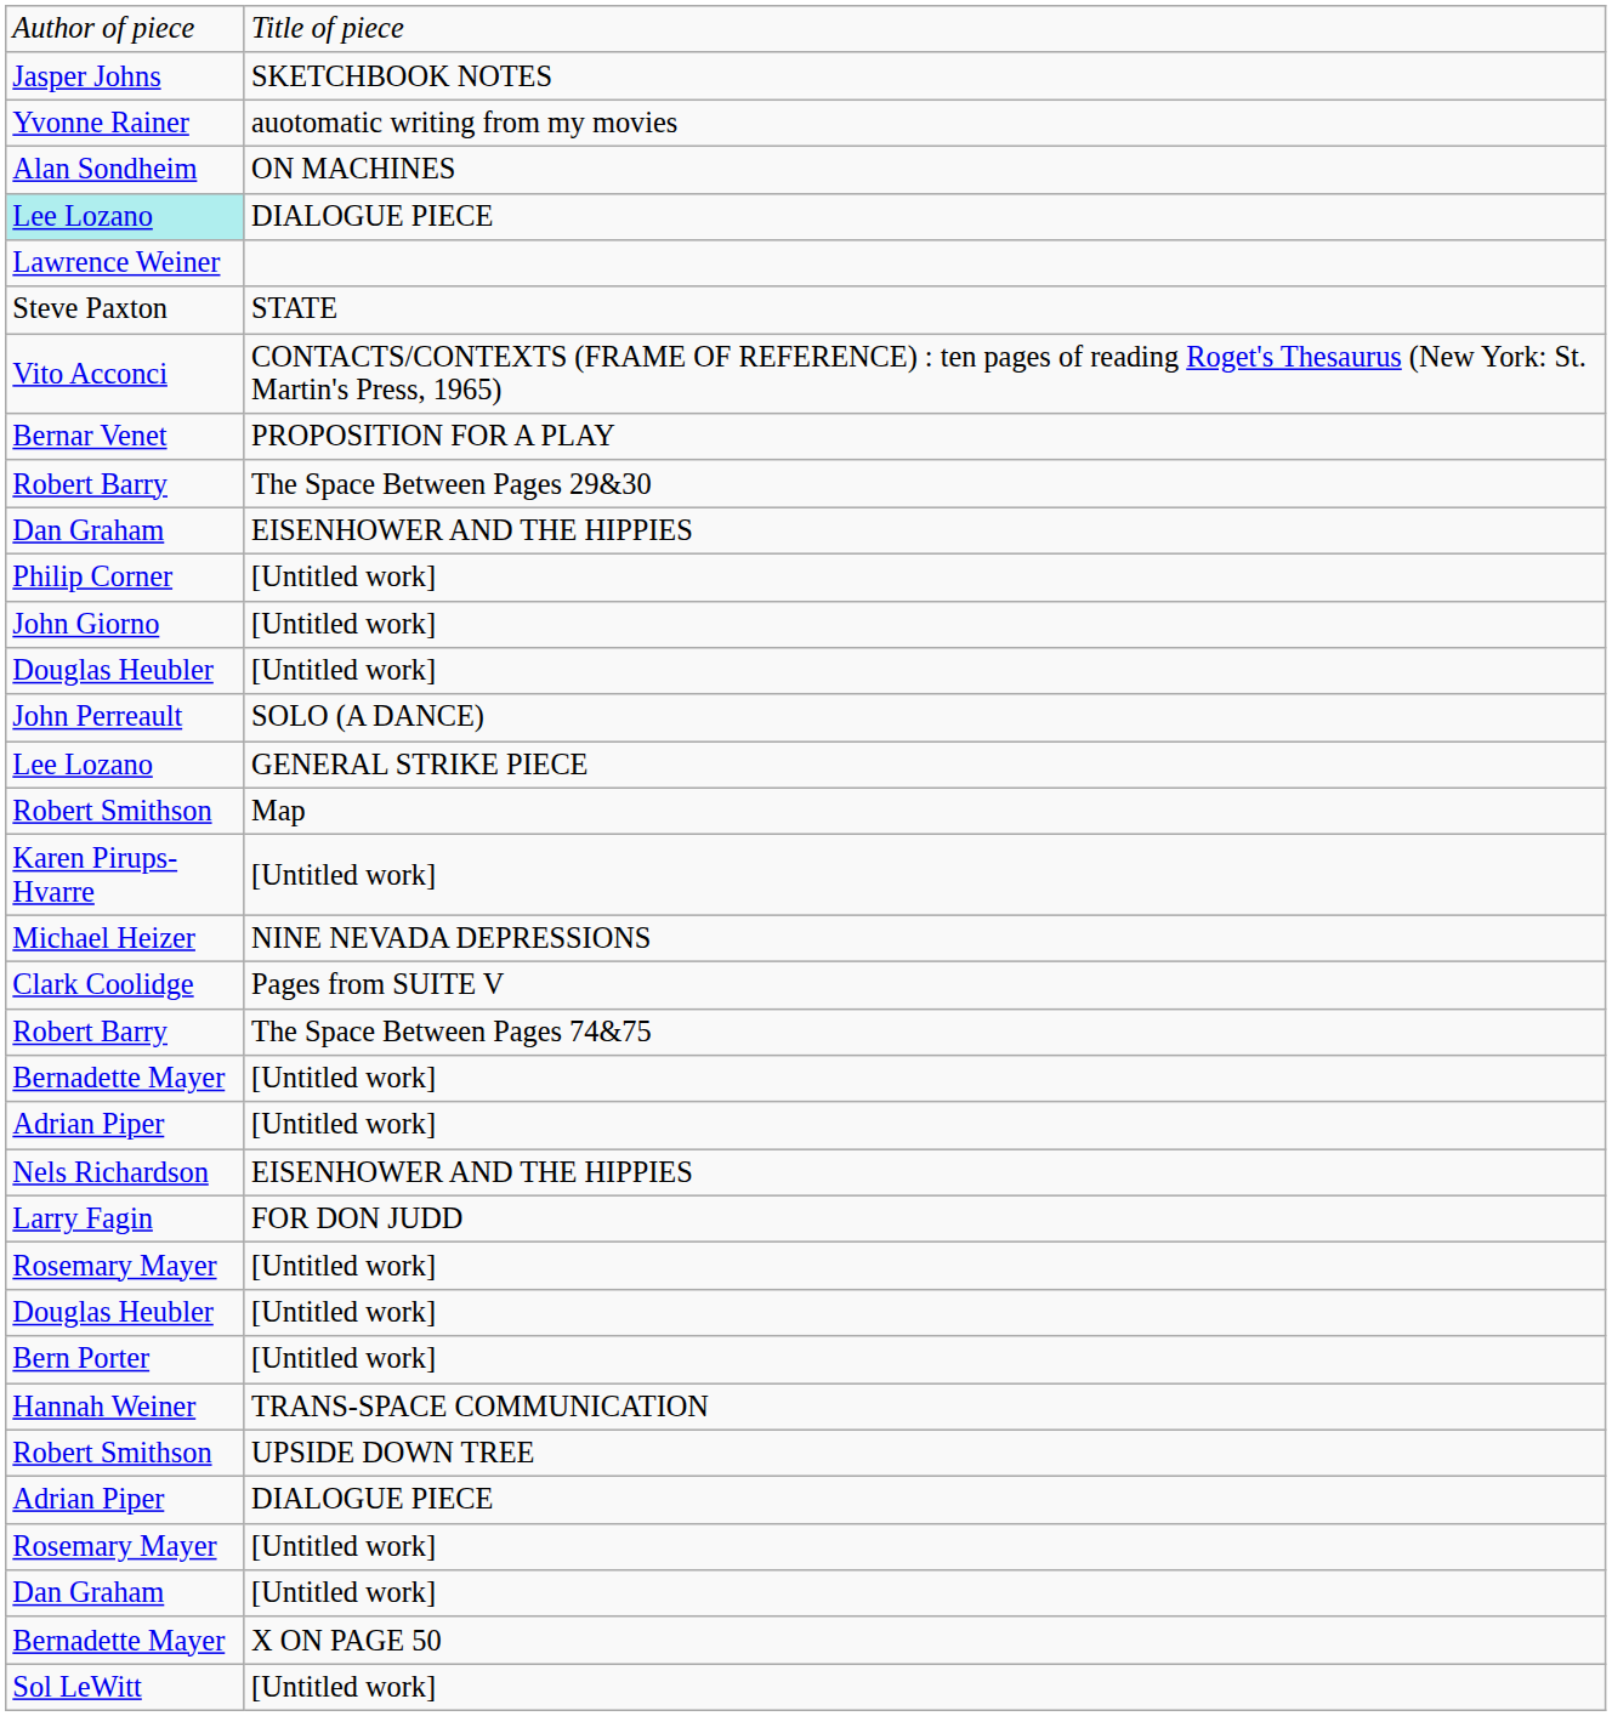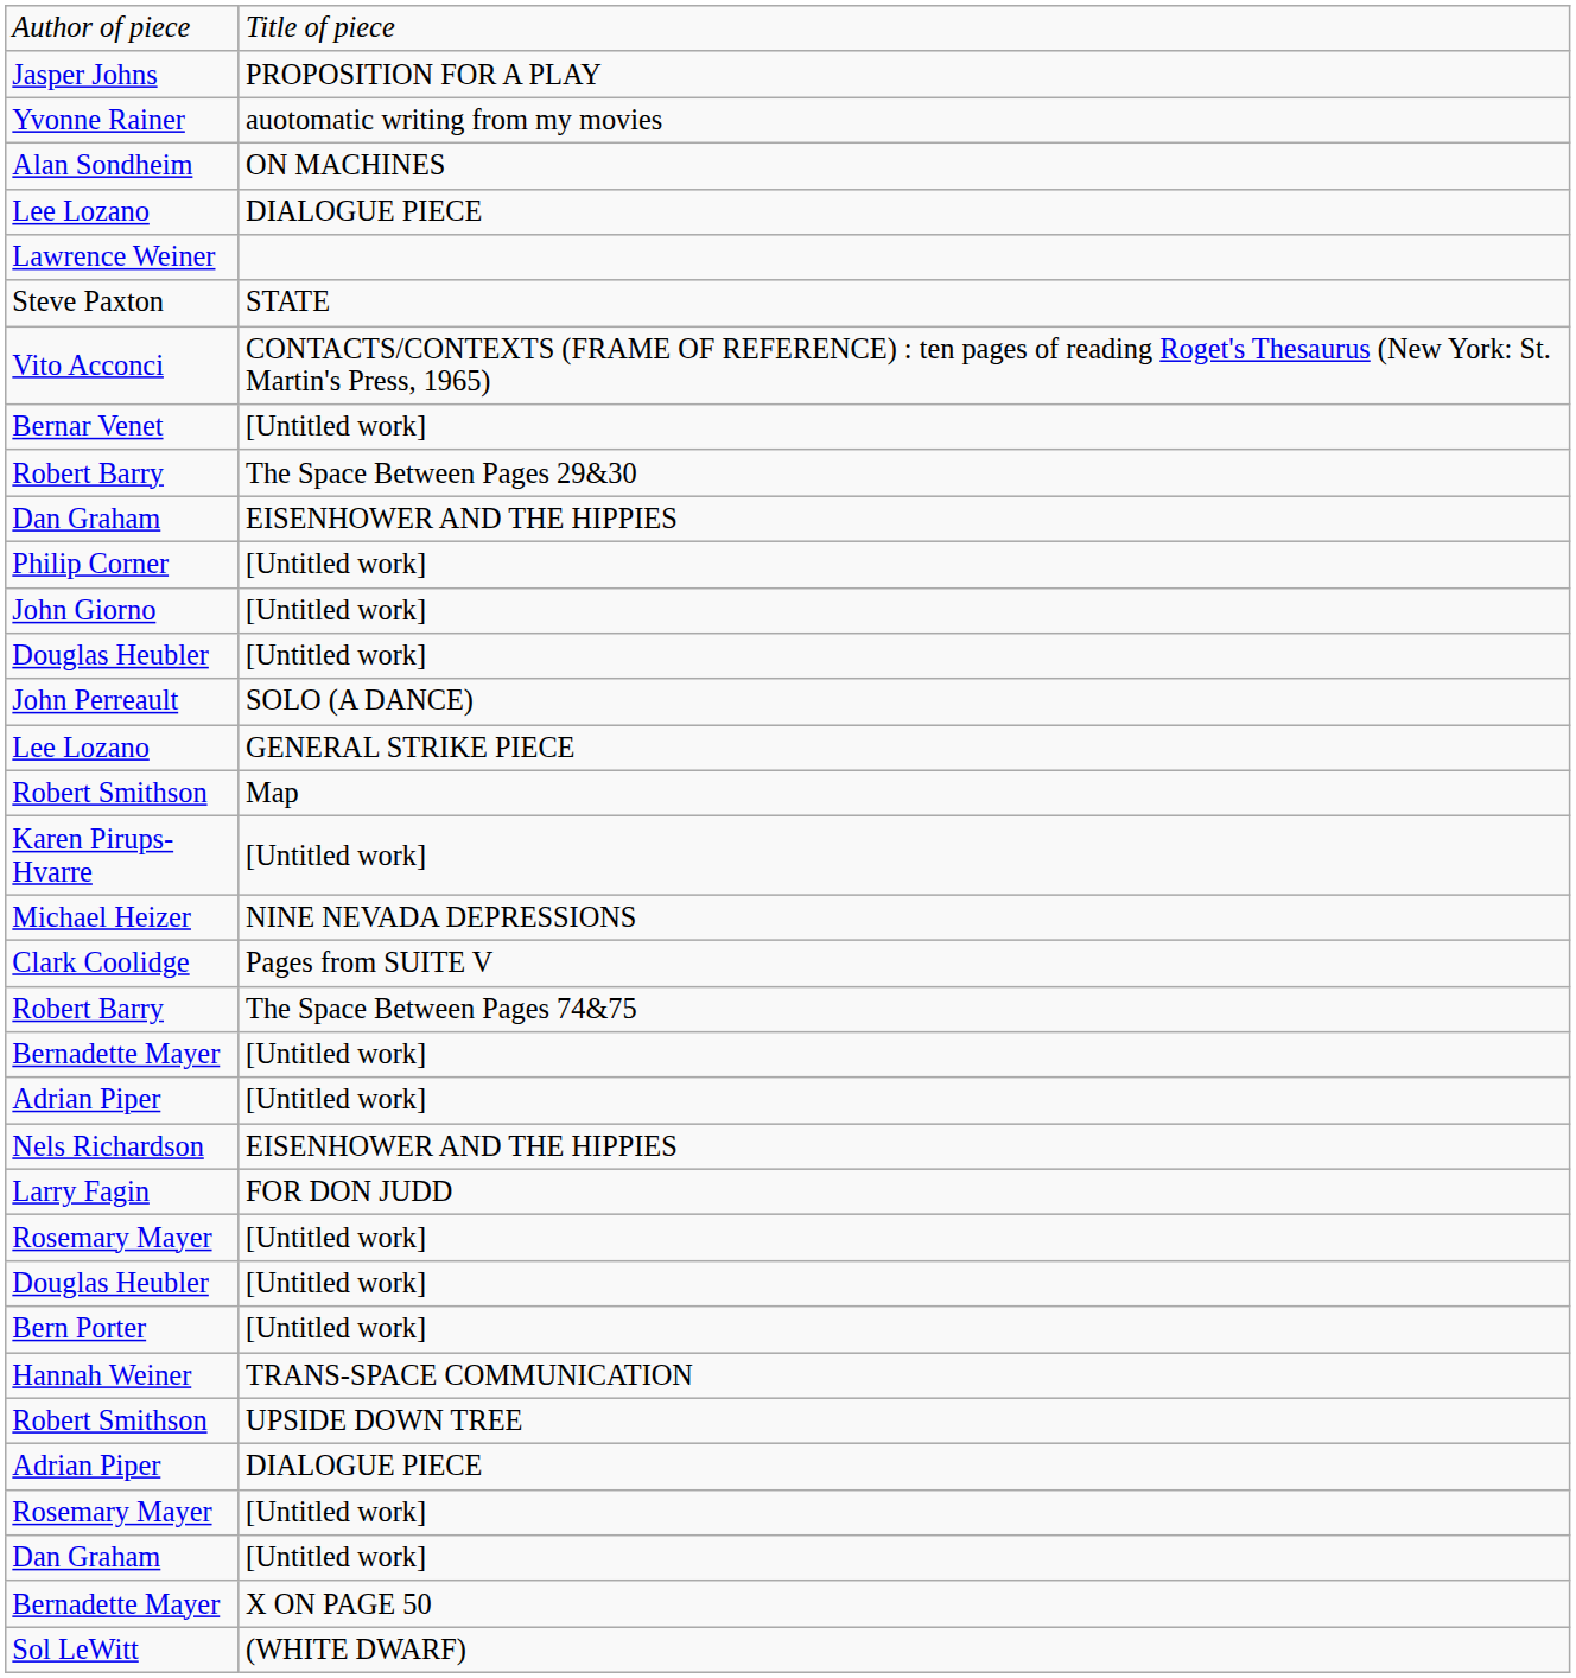 <table class="wikitable">
 <tr>
 <td><em>Author of piece</em></td>
 <td><em>Title of piece</em></td>
 </tr>
 <tr>
 <td><a href='#'>Jasper Johns</a></td>
-<td>SKETCHBOOK NOTES</td>
+<td>PROPOSITION FOR A PLAY</td>
 </tr>
 <tr>
 <td><a href='#'>Yvonne Rainer</a></td>
 <td>auotomatic writing from my movies</td>
 </tr>
 <tr>
 <td><a href='#'>Alan Sondheim</a></td>
 <td>ON MACHINES</td>
 </tr>
 <tr>
-<td style="background: paleturquoise;"><a href='#'>Lee Lozano</a></td>
+<td><a href='#'>Lee Lozano</a></td>
 <td>DIALOGUE PIECE</td>
 </tr>
 <tr>
 <td><a href='#'>Lawrence Weiner</a></td>
 <td></td>
 </tr>
 <tr>
 <td>Steve Paxton</td>
 <td>STATE</td>
 </tr>
 <tr>
 <td><a href='#'>Vito Acconci</a></td>
 <td>CONTACTS/CONTEXTS (FRAME OF REFERENCE) : ten pages of reading <a href='#'>Roget's Thesaurus</a> (New York: St. Martin's Press, 1965)</td>
 </tr>
 <tr>
 <td><a href='#'>Bernar Venet</a></td>
-<td>PROPOSITION FOR A PLAY</td>
+<td>[Untitled work]</td>
 </tr>
 <tr>
 <td><a href='#'>Robert Barry</a></td>
 <td>The Space Between Pages 29&30</td>
 </tr>
 <tr>
 <td><a href='#'>Dan Graham</a></td>
 <td>EISENHOWER AND THE HIPPIES</td>
 </tr>
 <tr>
 <td><a href='#'>Philip Corner</a></td>
 <td>[Untitled work]</td>
 </tr>
 <tr>
 <td><a href='#'>John Giorno</a></td>
 <td>[Untitled work]</td>
 </tr>
 <tr>
 <td><a href='#'>Douglas Heubler</a></td>
 <td>[Untitled work]</td>
 </tr>
 <tr>
 <td><a href='#'>John Perreault</a></td>
 <td>SOLO (A DANCE)</td>
 </tr>
 <tr>
 <td><a href='#'>Lee Lozano</a></td>
 <td>GENERAL STRIKE PIECE</td>
 </tr>
 <tr>
 <td><a href='#'>Robert Smithson</a></td>
 <td>Map</td>
 </tr>
 <tr>
 <td><a href='#'>Karen Pirups-Hvarre</a></td>
 <td>[Untitled work]</td>
 </tr>
 <tr>
 <td><a href='#'>Michael Heizer</a></td>
 <td>NINE NEVADA DEPRESSIONS</td>
 </tr>
 <tr>
 <td><a href='#'>Clark Coolidge</a></td>
 <td>Pages from SUITE V</td>
 </tr>
 <tr>
 <td><a href='#'>Robert Barry</a></td>
 <td>The Space Between Pages 74&75</td>
 </tr>
 <tr>
 <td><a href='#'>Bernadette Mayer</a></td>
 <td>[Untitled work]</td>
 </tr>
 <tr>
 <td><a href='#'>Adrian Piper</a></td>
 <td>[Untitled work]</td>
 </tr>
 <tr>
 <td><a href='#'>Nels Richardson</a></td>
 <td>EISENHOWER AND THE HIPPIES</td>
 </tr>
 <tr>
 <td><a href='#'>Larry Fagin</a></td>
 <td>FOR DON JUDD</td>
 </tr>
 <tr>
 <td><a href='#'>Rosemary Mayer</a></td>
 <td>[Untitled work]</td>
 </tr>
 <tr>
 <td><a href='#'>Douglas Heubler</a></td>
 <td>[Untitled work]</td>
 </tr>
 <tr>
 <td><a href='#'>Bern Porter</a></td>
 <td>[Untitled work]</td>
 </tr>
 <tr>
 <td><a href='#'>Hannah Weiner</a></td>
 <td>TRANS-SPACE COMMUNICATION</td>
 </tr>
 <tr>
 <td><a href='#'>Robert Smithson</a></td>
 <td>UPSIDE DOWN TREE</td>
 </tr>
 <tr>
 <td><a href='#'>Adrian Piper</a></td>
 <td>DIALOGUE PIECE</td>
 </tr>
 <tr>
 <td><a href='#'>Rosemary Mayer</a></td>
 <td>[Untitled work]</td>
 </tr>
 <tr>
 <td><a href='#'>Dan Graham</a></td>
 <td>[Untitled work]</td>
 </tr>
 <tr>
 <td><a href='#'>Bernadette Mayer</a></td>
 <td>X ON PAGE 50</td>
 </tr>
 <tr>
 <td><a href='#'>Sol LeWitt</a></td>
-<td>[Untitled work]</td>
+<td>(WHITE DWARF)</td>
 </tr>
 </table>
